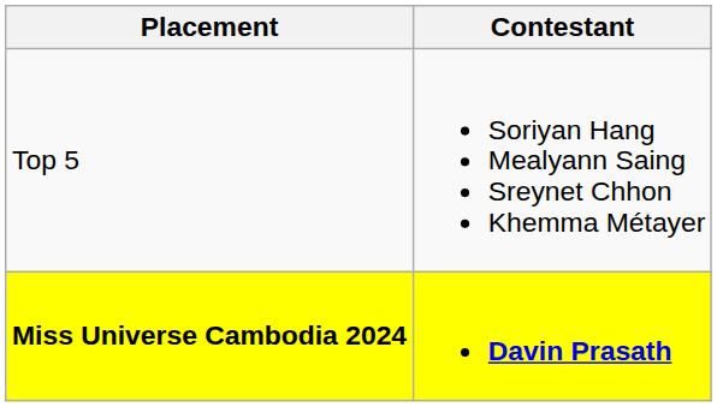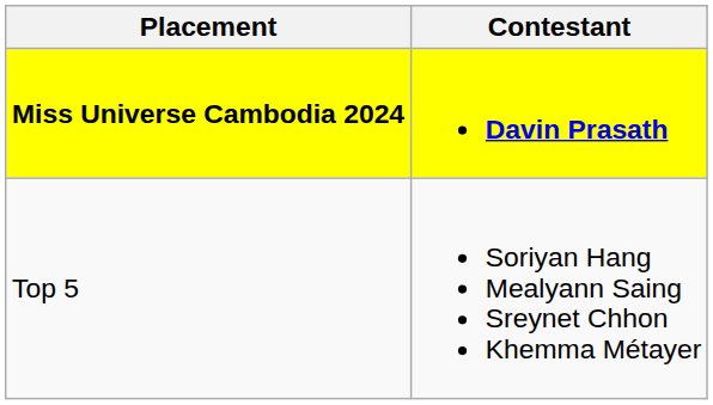 <table class="wikitable sortable">
 <tr>
 <th>Placement</th>
 <th>Contestant</th>
 </tr>
+<tr style="background-color: yellow;">
+<td><strong>Miss Universe Cambodia 2024</strong></td>
+<td><br><ul><li><strong><a href='#'>Davin Prasath</a></strong></li></ul></td>
+</tr>
 <tr>
 <td>Top 5</td>
 <td><br><ul><li>Soriyan Hang</li><li>Mealyann Saing</li><li>Sreynet Chhon</li><li>Khemma Métayer</li></ul></td>
 </tr>
-<tr style="background-color: yellow;">
-<td><strong>Miss Universe Cambodia 2024</strong></td>
-<td><br><ul><li><strong><a href='#'>Davin Prasath</a></strong></li></ul></td>
-</tr>
 </table>
